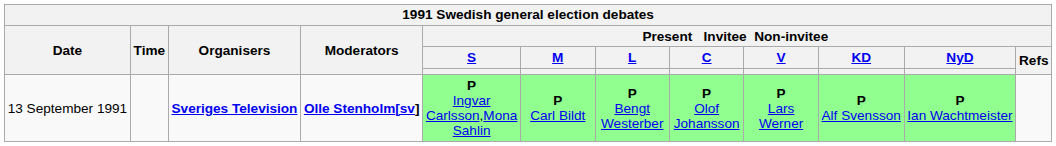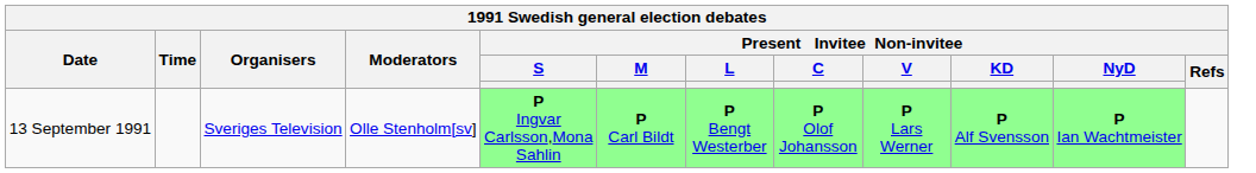 <table class="wikitable" style="font-size:85%; line-height:15px; text-align:center;">
 <tr>
 <th colspan="12">1991 Swedish general election debates</th>
 </tr>
 <tr>
 <th rowspan="3">Date</th>
 <th rowspan="3">Time</th>
 <th rowspan="3">Organisers</th>
 <th rowspan="3">Moderators</th>
 <th colspan="8"> Present    Invitee  Non-invitee </th>
 </tr>
 <tr>
 <th scope="col" style="width:5em;"><a href='#'>S</a></th>
 <th scope="col" style="width:5em;"><a href='#'>M</a></th>
 <th scope="col" style="width:5em;"><a href='#'>L</a></th>
 <th scope="col" style="width:5em;"><a href='#'>C</a></th>
 <th scope="col" style="width:5em;"><a href='#'>V</a></th>
 <th><a href='#'>KD</a></th>
 <th><a href='#'>NyD</a></th>
 <th rowspan="2">Refs</th>
 </tr>
 <tr>
 <th style="background:"></th>
 <th style="background:"></th>
 <th style="background:"></th>
 <th style="background:"></th>
 <th style="background:"></th>
 <th style="background:"></th>
 <th style="background:"></th>
 </tr>
 <tr>
 <td>13 September 1991</td>
 <td></td>
-<td><strong><a href='#'>Sveriges Television</a></strong></td>
-<td><strong><a href='#'>Olle Stenholm</a><a href='#'>[sv</a>]</strong></td>
+<td><a href='#'>Sveriges Television</a></td>
+<td><a href='#'>Olle Stenholm</a><a href='#'>[sv</a>]</td>
 <td style="background:#90FF90"><strong>P</strong><br><a href='#'>Ingvar Carlsson</a>,<a href='#'>Mona Sahlin</a></td>
 <td style="background:#90FF90"><strong>P</strong><br><a href='#'>Carl Bildt</a></td>
 <td style="background:#90FF90"><strong>P</strong><br><a href='#'>Bengt Westerber</a></td>
 <td style="background:#90FF90"><strong>P</strong><br><a href='#'>Olof Johansson</a></td>
 <td style="background:#90FF90"><strong>P</strong><br><a href='#'>Lars Werner</a></td>
 <td style="background:#90FF90"><strong>P</strong><br><a href='#'>Alf Svensson</a></td>
 <td style="background:#90FF90"><strong>P</strong><br><a href='#'>Ian Wachtmeister</a></td>
 <td></td>
 </tr>
 </table>
